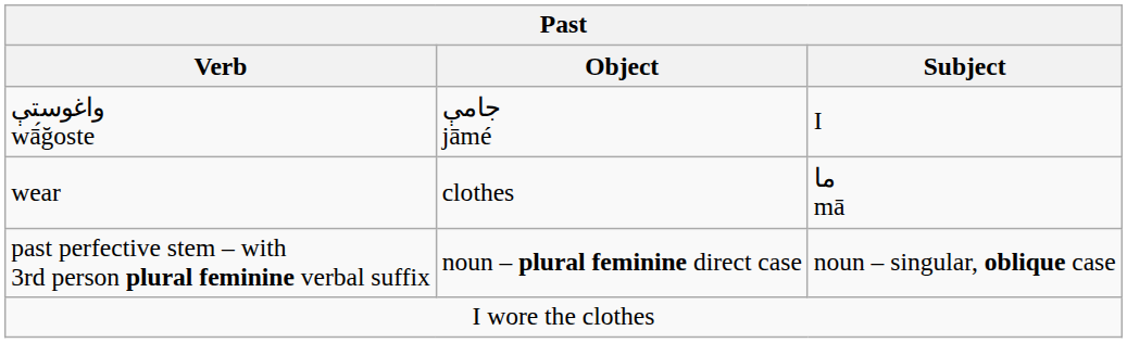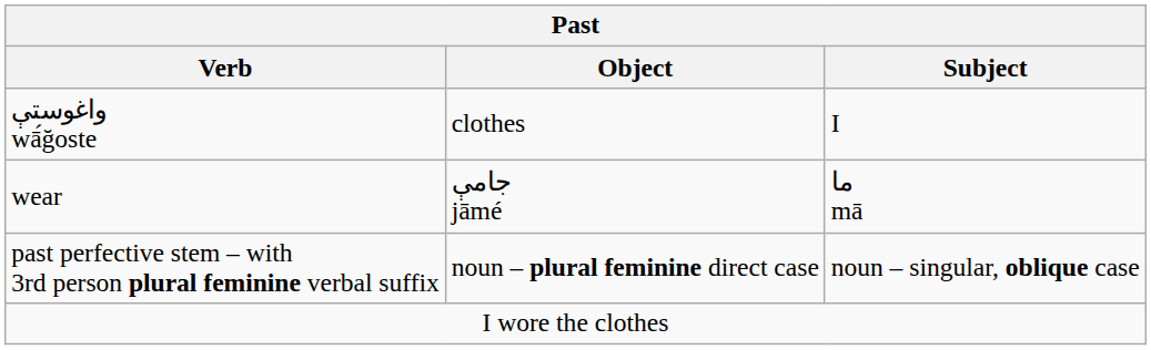 <table class="wikitable">
 <tr>
 <th colspan="3">Past</th>
 </tr>
 <tr>
 <th>Verb</th>
 <th>Object</th>
 <th>Subject</th>
 </tr>
 <tr>
 <td>واغوستې<br>wā́ğoste</td>
-<td>جامې<br>jāmé</td>
+<td>clothes</td>
 <td>I</td>
 </tr>
 <tr>
 <td>wear</td>
-<td>clothes</td>
+<td>جامې<br>jāmé</td>
 <td>ما<br>mā</td>
 </tr>
 <tr>
 <td>past perfective stem – with<br>3rd person <strong>plural</strong> <strong>feminine</strong> verbal suffix</td>
 <td>noun – <strong>plural feminine</strong> direct case</td>
 <td>noun – singular, <strong>oblique</strong> case</td>
 </tr>
 <tr>
 <td colspan="3" style="text-align:center;">I wore the clothes</td>
 </tr>
 </table>
